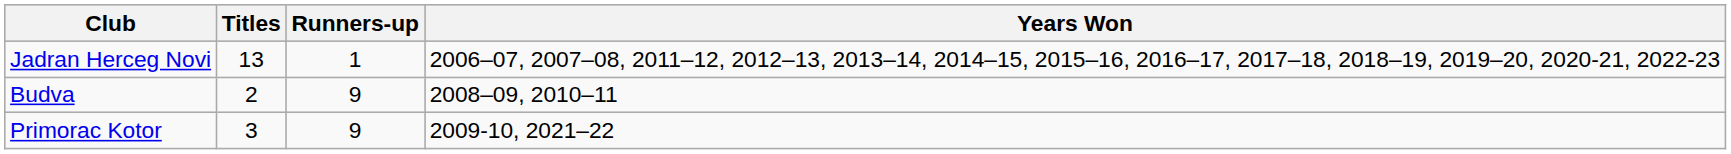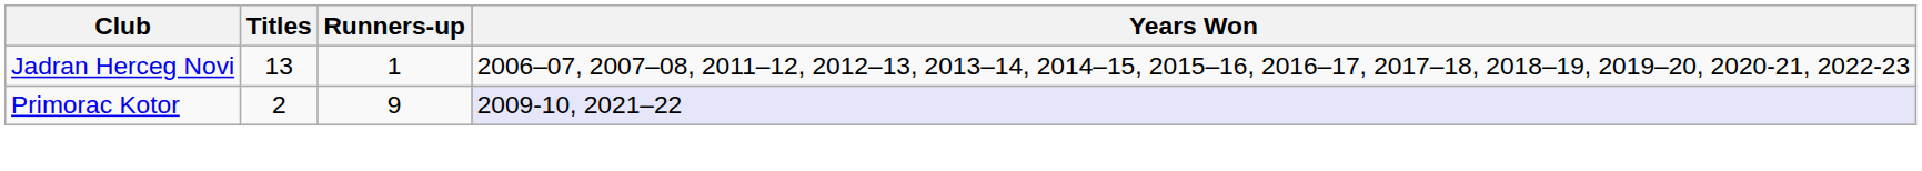 <table class="wikitable" style="font-size:90%">
 <tr>
 <th>Club</th>
 <th>Titles</th>
 <th>Runners-up</th>
 <th>Years Won</th>
 </tr>
 <tr>
 <td><a href='#'>Jadran Herceg Novi</a></td>
 <td align="center">13</td>
 <td align="center">1</td>
 <td>2006–07, 2007–08, 2011–12, 2012–13, 2013–14, 2014–15, 2015–16, 2016–17, 2017–18, 2018–19, 2019–20, 2020-21, 2022-23</td>
 </tr>
 <tr>
-<td><a href='#'>Budva</a></td>
+<td><a href='#'>Primorac Kotor</a></td>
 <td align="center">2</td>
 <td align="center">9</td>
-<td>2008–09, 2010–11</td>
-</tr>
-<tr>
-<td><a href='#'>Primorac Kotor</a></td>
-<td align="center">3</td>
-<td align="center">9</td>
-<td>2009-10, 2021–22</td>
+<td style="background: lavender;">2009-10, 2021–22</td>
 </tr>
 </table>
